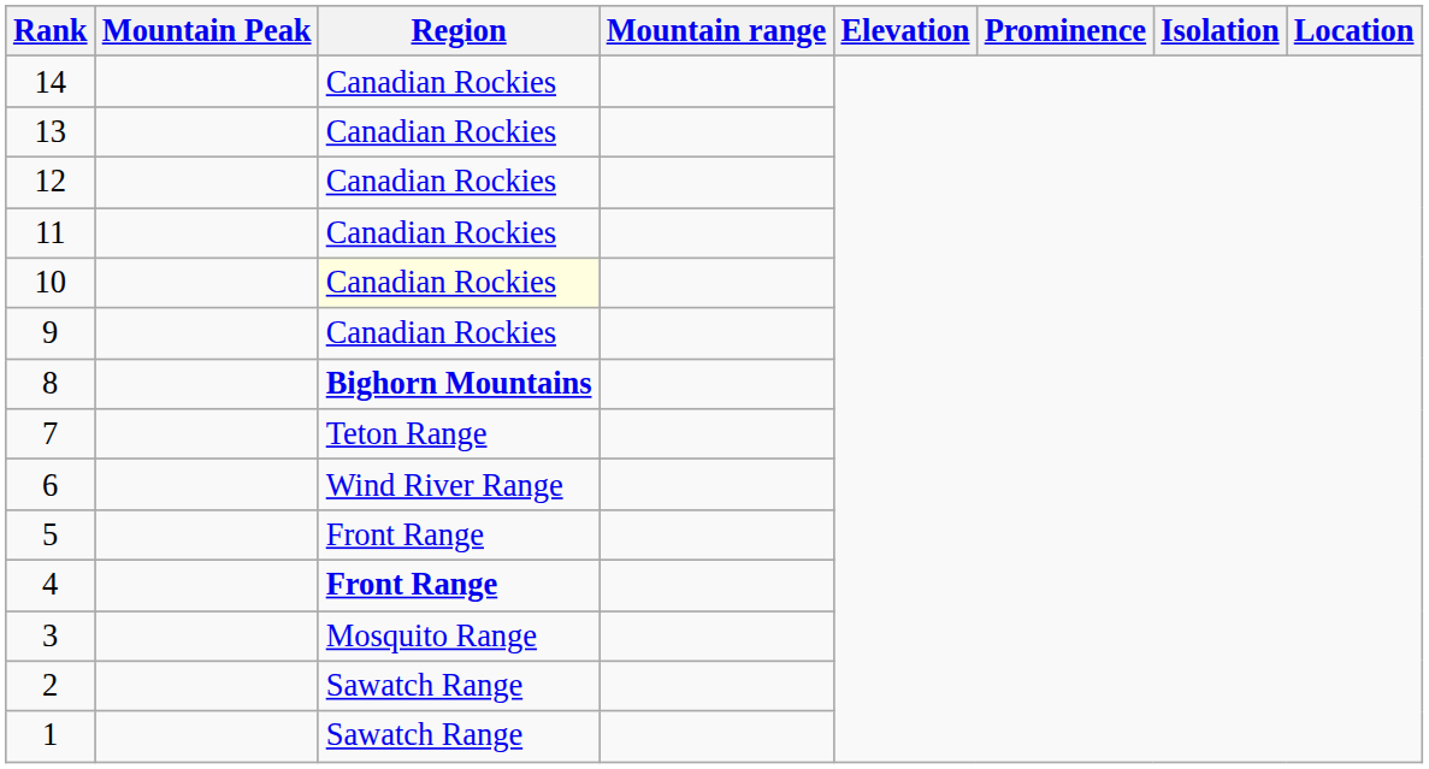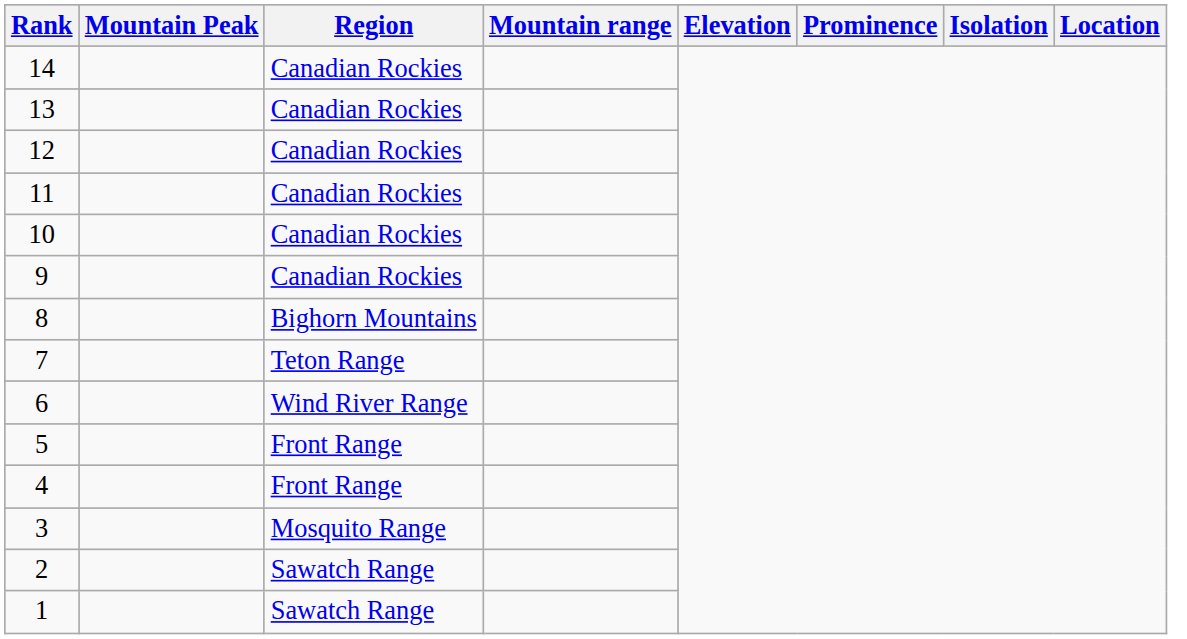 <table class="wikitable sortable">
 <tr>
 <th><a href='#'>Rank</a></th>
 <th><a href='#'>Mountain Peak</a></th>
 <th><a href='#'>Region</a></th>
 <th><a href='#'>Mountain range</a></th>
 <th><a href='#'>Elevation</a></th>
 <th><a href='#'>Prominence</a></th>
 <th><a href='#'>Isolation</a></th>
 <th><a href='#'>Location</a></th>
 </tr>
 <tr>
 <td align=center>14<br></td>
 <td></td>
 <td><a href='#'>Canadian Rockies</a><br></td>
 <td></td>
 </tr>
 <tr>
 <td align=center>13<br></td>
 <td></td>
 <td><a href='#'>Canadian Rockies</a><br></td>
 <td></td>
 </tr>
 <tr>
 <td align=center>12<br></td>
 <td></td>
 <td><a href='#'>Canadian Rockies</a><br></td>
 <td></td>
 </tr>
 <tr>
 <td align=center>11<br></td>
 <td></td>
 <td><a href='#'>Canadian Rockies</a><br></td>
 <td></td>
 </tr>
 <tr>
 <td align=center>10<br></td>
 <td></td>
-<td style="background: lightyellow;"><a href='#'>Canadian Rockies</a><br></td>
+<td><a href='#'>Canadian Rockies</a><br></td>
 <td></td>
 </tr>
 <tr>
 <td align=center>9<br></td>
 <td></td>
 <td><a href='#'>Canadian Rockies</a><br></td>
 <td></td>
 </tr>
 <tr>
 <td align=center>8<br></td>
 <td></td>
-<td><strong><a href='#'>Bighorn Mountains</a><br></strong></td>
+<td><a href='#'>Bighorn Mountains</a><br></td>
 <td></td>
 </tr>
 <tr>
 <td align=center>7<br></td>
 <td></td>
 <td><a href='#'>Teton Range</a><br></td>
 <td></td>
 </tr>
 <tr>
 <td align=center>6<br></td>
 <td></td>
 <td><a href='#'>Wind River Range</a><br></td>
 <td></td>
 </tr>
 <tr>
 <td align=center>5<br></td>
 <td></td>
 <td><a href='#'>Front Range</a><br></td>
 <td></td>
 </tr>
 <tr>
 <td align=center>4<br></td>
 <td></td>
-<td><strong><a href='#'>Front Range</a><br></strong></td>
+<td><a href='#'>Front Range</a><br></td>
 <td></td>
 </tr>
 <tr>
 <td align=center>3<br></td>
 <td></td>
 <td><a href='#'>Mosquito Range</a><br></td>
 <td></td>
 </tr>
 <tr>
 <td align=center>2<br></td>
 <td></td>
 <td><a href='#'>Sawatch Range</a><br></td>
 <td></td>
 </tr>
 <tr>
 <td align=center>1<br></td>
 <td></td>
 <td><a href='#'>Sawatch Range</a><br></td>
 <td></td>
 </tr>
 </table>
